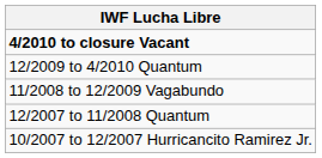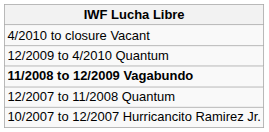 <table class="wikitable" border="1">
 <tr>
 <th><strong>IWF Lucha Libre</strong></th>
 </tr>
 <tr>
-<td><strong>4/2010 to closure Vacant</strong></td>
+<td>4/2010 to closure Vacant</td>
 </tr>
 <tr>
 <td>12/2009 to 4/2010 Quantum</td>
 </tr>
 <tr>
-<td>11/2008 to 12/2009 Vagabundo</td>
+<td><strong>11/2008 to 12/2009 Vagabundo</strong></td>
 </tr>
 <tr>
 <td>12/2007 to 11/2008 Quantum</td>
 </tr>
 <tr>
 <td>10/2007 to 12/2007 Hurricancito Ramirez Jr.</td>
 </tr>
 </table>
